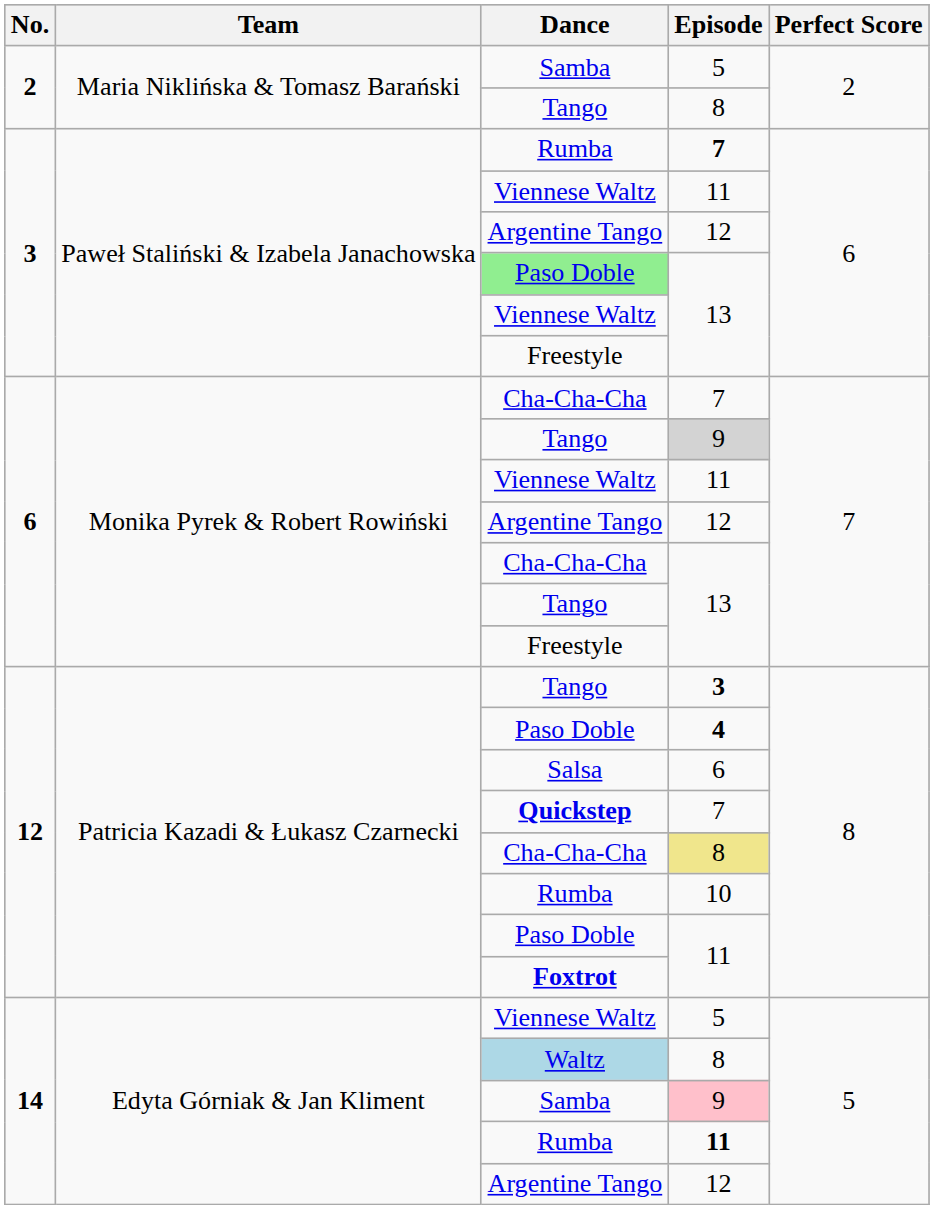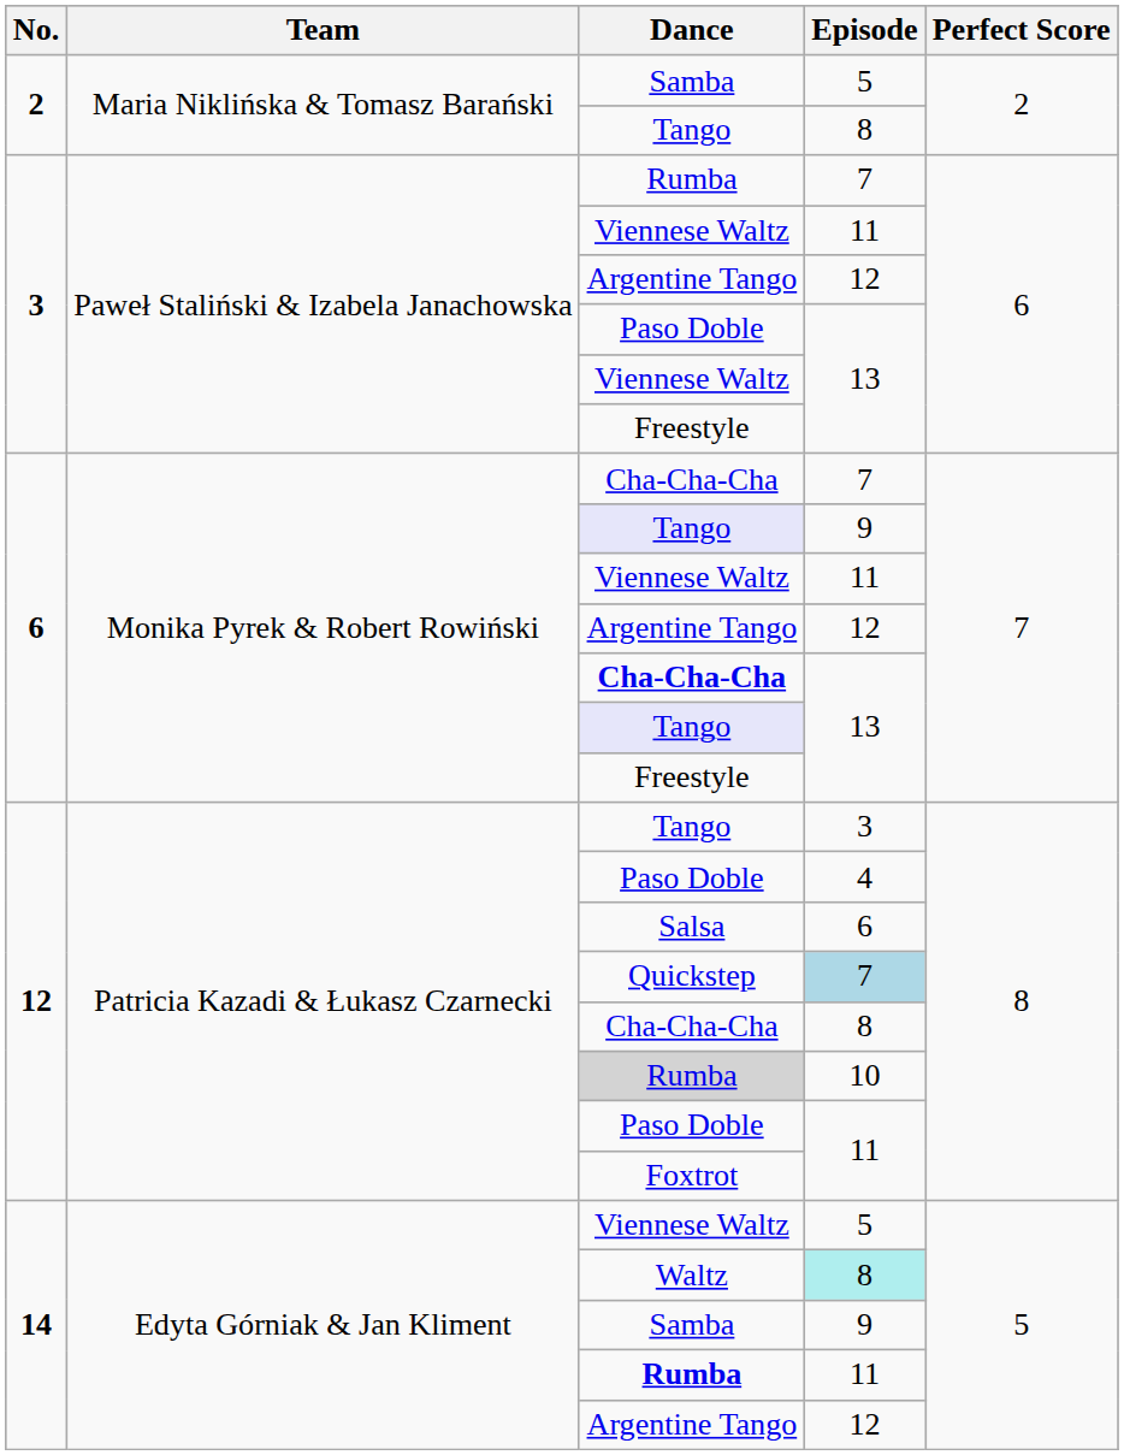 <table class="wikitable" style="text-align:center">
 <tr>
 <th>No.</th>
 <th>Team</th>
 <th>Dance</th>
 <th>Episode</th>
 <th>Perfect Score</th>
 </tr>
 <tr>
 <td rowspan=2><strong>2</strong></td>
 <td rowspan=2>Maria Niklińska & Tomasz Barański</td>
 <td><a href='#'>Samba</a></td>
 <td>5</td>
 <td rowspan=2>2</td>
 </tr>
 <tr>
 <td><a href='#'>Tango</a></td>
 <td>8</td>
 </tr>
 <tr>
 <td rowspan=6><strong>3</strong></td>
 <td rowspan=6>Paweł Staliński & Izabela Janachowska</td>
 <td><a href='#'>Rumba</a></td>
-<td><strong>7</strong></td>
+<td>7</td>
 <td rowspan=6>6</td>
 </tr>
 <tr>
 <td><a href='#'>Viennese Waltz</a></td>
 <td>11</td>
 </tr>
 <tr>
 <td><a href='#'>Argentine Tango</a></td>
 <td>12</td>
 </tr>
 <tr>
-<td style="background: lightgreen;"><a href='#'>Paso Doble</a></td>
+<td><a href='#'>Paso Doble</a></td>
 <td rowspan=3>13</td>
 </tr>
 <tr>
 <td><a href='#'>Viennese Waltz</a></td>
 </tr>
 <tr>
 <td>Freestyle</td>
 </tr>
 <tr>
 <td rowspan=7><strong>6</strong></td>
 <td rowspan=7>Monika Pyrek & Robert Rowiński</td>
 <td><a href='#'>Cha-Cha-Cha</a></td>
 <td>7</td>
 <td rowspan=7>7</td>
 </tr>
 <tr>
-<td><a href='#'>Tango</a></td>
-<td style="background: lightgrey;">9</td>
+<td style="background: lavender;"><a href='#'>Tango</a></td>
+<td>9</td>
 </tr>
 <tr>
 <td><a href='#'>Viennese Waltz</a></td>
 <td>11</td>
 </tr>
 <tr>
 <td><a href='#'>Argentine Tango</a></td>
 <td>12</td>
 </tr>
 <tr>
-<td><a href='#'>Cha-Cha-Cha</a></td>
+<td><strong><a href='#'>Cha-Cha-Cha</a></strong></td>
 <td rowspan=3>13</td>
 </tr>
 <tr>
-<td><a href='#'>Tango</a></td>
+<td style="background: lavender;"><a href='#'>Tango</a></td>
 </tr>
 <tr>
 <td>Freestyle</td>
 </tr>
 <tr>
 <td rowspan=8><strong>12</strong></td>
 <td rowspan=8>Patricia Kazadi & Łukasz Czarnecki</td>
 <td><a href='#'>Tango</a></td>
-<td><strong>3</strong></td>
+<td>3</td>
 <td rowspan=8>8</td>
 </tr>
 <tr>
 <td><a href='#'>Paso Doble</a></td>
-<td><strong>4</strong></td>
+<td>4</td>
 </tr>
 <tr>
 <td><a href='#'>Salsa</a></td>
 <td>6</td>
 </tr>
 <tr>
-<td><strong><a href='#'>Quickstep</a></strong></td>
-<td>7</td>
+<td><a href='#'>Quickstep</a></td>
+<td style="background: lightblue;">7</td>
 </tr>
 <tr>
 <td><a href='#'>Cha-Cha-Cha</a></td>
-<td style="background: khaki;">8</td>
+<td>8</td>
 </tr>
 <tr>
-<td><a href='#'>Rumba</a></td>
+<td style="background: lightgrey;"><a href='#'>Rumba</a></td>
 <td>10</td>
 </tr>
 <tr>
 <td><a href='#'>Paso Doble</a></td>
 <td rowspan=2>11</td>
 </tr>
 <tr>
-<td><strong><a href='#'>Foxtrot</a></strong></td>
+<td><a href='#'>Foxtrot</a></td>
 </tr>
 <tr>
 <td rowspan=5><strong>14</strong></td>
 <td rowspan=5>Edyta Górniak & Jan Kliment</td>
 <td><a href='#'>Viennese Waltz</a></td>
 <td>5</td>
 <td rowspan=5>5</td>
 </tr>
 <tr>
-<td style="background: lightblue;"><a href='#'>Waltz</a></td>
-<td>8</td>
+<td><a href='#'>Waltz</a></td>
+<td style="background: paleturquoise;">8</td>
 </tr>
 <tr>
 <td><a href='#'>Samba</a></td>
-<td style="background: pink;">9</td>
+<td>9</td>
 </tr>
 <tr>
-<td><a href='#'>Rumba</a></td>
-<td><strong>11</strong></td>
+<td><strong><a href='#'>Rumba</a></strong></td>
+<td>11</td>
 </tr>
 <tr>
 <td><a href='#'>Argentine Tango</a></td>
 <td>12</td>
 </tr>
 </table>
